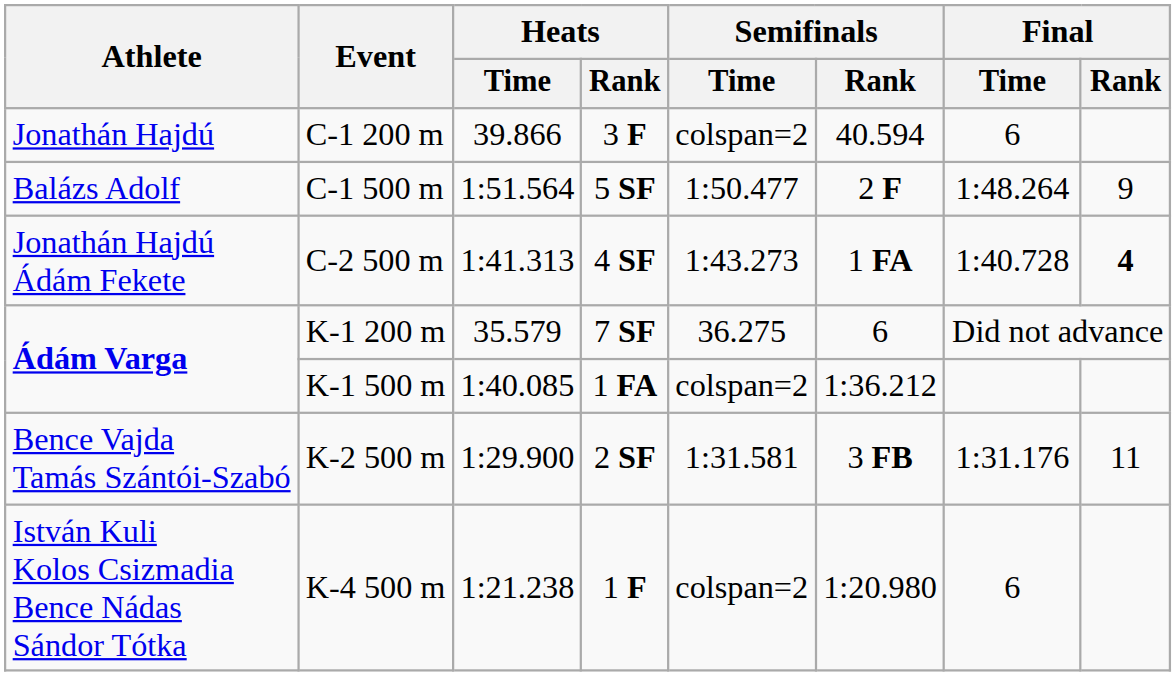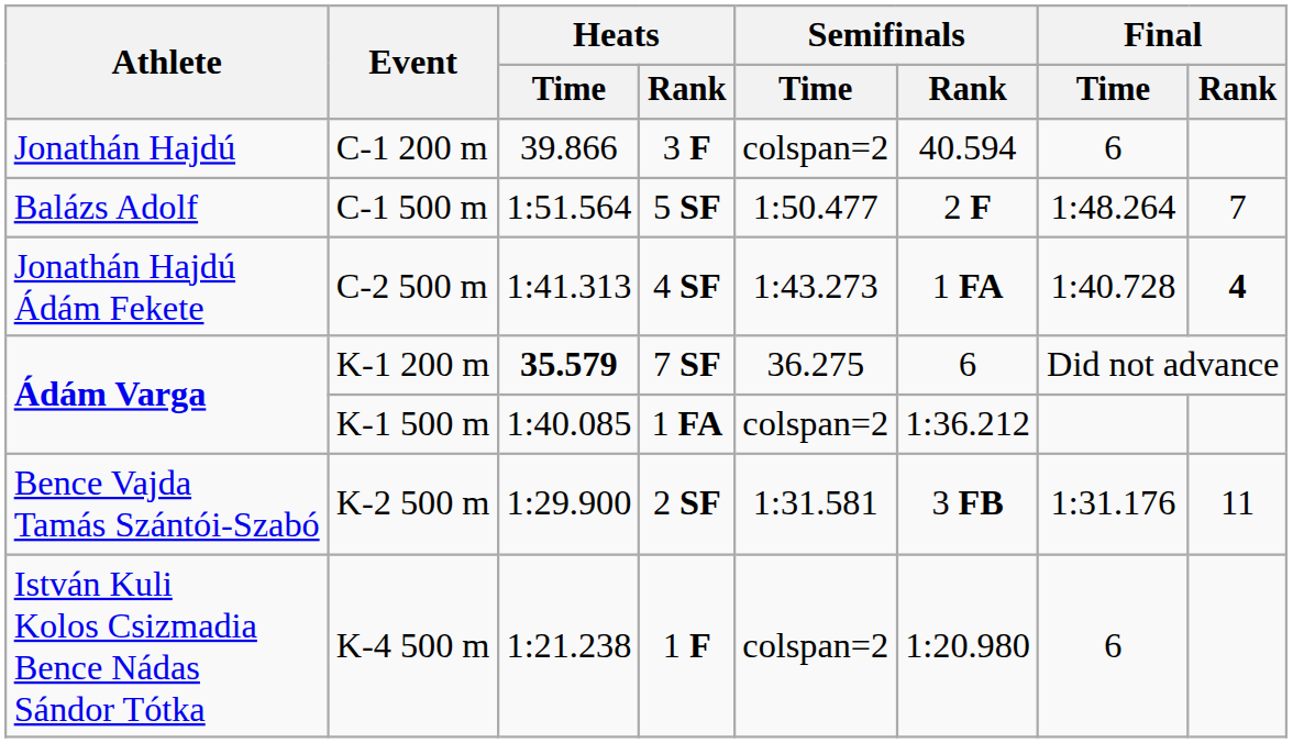 <table class=wikitable style="font-size:90%">
 <tr>
 <th rowspan="2">Athlete</th>
 <th rowspan="2">Event</th>
 <th colspan=2>Heats</th>
 <th colspan=2>Semifinals</th>
 <th colspan=2>Final</th>
 </tr>
 <tr style="font-size:95%">
 <th>Time</th>
 <th>Rank</th>
 <th>Time</th>
 <th>Rank</th>
 <th>Time</th>
 <th>Rank</th>
 </tr>
 <tr align=center>
 <td align=left><a href='#'>Jonathán Hajdú</a></td>
 <td align=left>C-1 200 m</td>
 <td>39.866</td>
 <td>3 <strong>F</strong></td>
 <td>colspan=2</td>
 <td>40.594</td>
 <td>6</td>
 </tr>
 <tr align=center>
 <td align=left><a href='#'>Balázs Adolf</a></td>
 <td align=left>C-1 500 m</td>
 <td>1:51.564</td>
 <td>5 <strong>SF</strong></td>
 <td>1:50.477</td>
 <td>2 <strong>F</strong></td>
 <td>1:48.264</td>
-<td>9</td>
+<td>7</td>
 </tr>
 <tr align=center>
 <td align=left><a href='#'>Jonathán Hajdú</a><br><a href='#'>Ádám Fekete</a></td>
 <td align=left>C-2 500 m</td>
 <td>1:41.313</td>
 <td>4 <strong>SF</strong></td>
 <td>1:43.273</td>
 <td>1 <strong>FA</strong></td>
 <td>1:40.728</td>
 <td><strong>4</strong></td>
 </tr>
 <tr align=center>
 <td rowspan=2 align=left><strong><a href='#'>Ádám Varga</a></strong></td>
 <td align=left>K-1 200 m</td>
-<td>35.579</td>
+<td><strong>35.579</strong></td>
 <td>7 <strong>SF</strong></td>
 <td>36.275</td>
 <td>6</td>
 <td colspan=2>Did not advance</td>
 </tr>
 <tr align=center>
 <td align=left>K-1 500 m</td>
 <td>1:40.085</td>
 <td>1 <strong>FA</strong></td>
 <td>colspan=2</td>
 <td>1:36.212</td>
 <td></td>
 </tr>
 <tr align=center>
 <td align=left><a href='#'>Bence Vajda</a><br><a href='#'>Tamás Szántói-Szabó</a></td>
 <td align=left>K-2 500 m</td>
 <td>1:29.900</td>
 <td>2 <strong>SF</strong></td>
 <td>1:31.581</td>
 <td>3 <strong>FB</strong></td>
 <td>1:31.176</td>
 <td>11</td>
 </tr>
 <tr align=center>
 <td align=left><a href='#'>István Kuli</a><br><a href='#'>Kolos Csizmadia</a><br><a href='#'>Bence Nádas</a><br><a href='#'>Sándor Tótka</a></td>
 <td align=left>K-4 500 m</td>
 <td>1:21.238</td>
 <td>1 <strong>F</strong></td>
 <td>colspan=2</td>
 <td>1:20.980</td>
 <td>6</td>
 </tr>
 </table>
